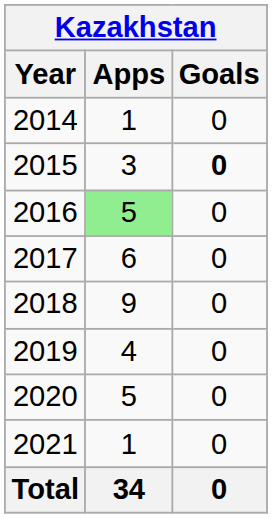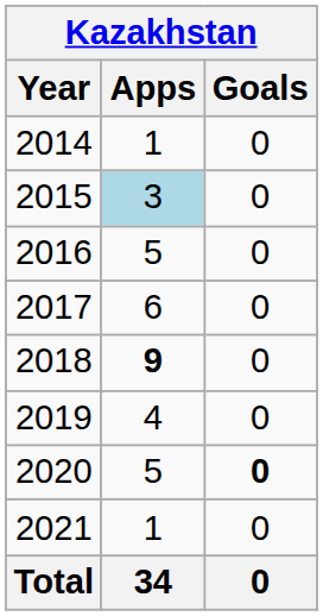 <table class="wikitable" style="text-align:center">
 <tr>
 <th colspan=3><a href='#'>Kazakhstan</a></th>
 </tr>
 <tr>
 <th>Year</th>
 <th>Apps</th>
 <th>Goals</th>
 </tr>
 <tr>
 <td>2014</td>
 <td>1</td>
 <td>0</td>
 </tr>
 <tr>
 <td>2015</td>
-<td>3</td>
-<td><strong>0</strong></td>
+<td style="background: lightblue;">3</td>
+<td>0</td>
 </tr>
 <tr>
 <td>2016</td>
-<td style="background: lightgreen;">5</td>
+<td>5</td>
 <td>0</td>
 </tr>
 <tr>
 <td>2017</td>
 <td>6</td>
 <td>0</td>
 </tr>
 <tr>
 <td>2018</td>
-<td>9</td>
+<td><strong>9</strong></td>
 <td>0</td>
 </tr>
 <tr>
 <td>2019</td>
 <td>4</td>
 <td>0</td>
 </tr>
 <tr>
 <td>2020</td>
 <td>5</td>
-<td>0</td>
+<td><strong>0</strong></td>
 </tr>
 <tr>
 <td>2021</td>
 <td>1</td>
 <td>0</td>
 </tr>
 <tr>
 <th>Total</th>
 <th>34</th>
 <th>0</th>
 </tr>
 </table>
